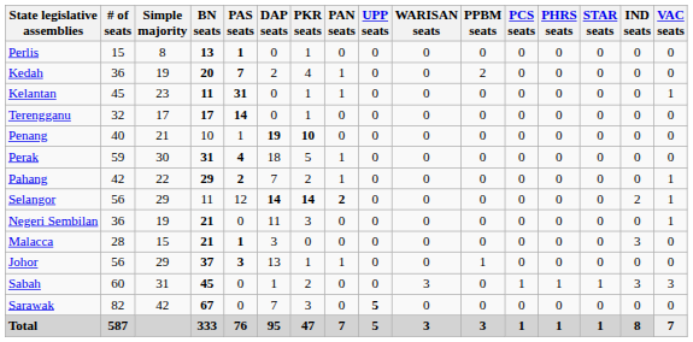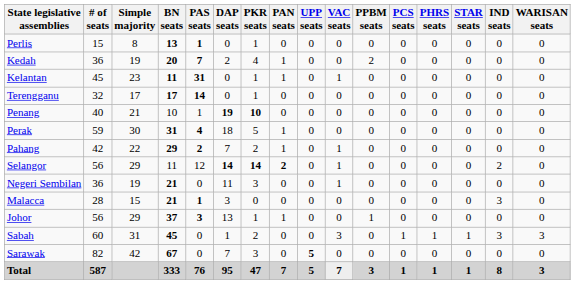 <table class="wikitable sortable" style="text-align:center">
 <tr>
 <th>State legislative<br>assemblies</th>
 <th># of<br>seats</th>
 <th>Simple<br>majority</th>
 <th>BN<br>seats</th>
 <th>PAS<br>seats</th>
 <th>DAP<br>seats</th>
 <th>PKR<br>seats</th>
 <th>PAN<br>seats</th>
 <th><a href='#'>UPP</a><br>seats</th>
-<th>WARISAN<br>seats</th>
+<th><a href='#'>VAC</a><br>seats</th>
 <th>PPBM<br>seats</th>
 <th><a href='#'>PCS</a><br>seats</th>
 <th><a href='#'>PHRS</a><br>seats</th>
 <th><a href='#'>STAR</a><br>seats</th>
 <th>IND<br>seats</th>
-<th><a href='#'>VAC</a><br>seats</th>
+<th>WARISAN<br>seats</th>
 </tr>
 <tr>
 <td style="text-align:left"> <a href='#'>Perlis</a></td>
 <td>15</td>
 <td>8</td>
 <td><strong>13</strong></td>
 <td><strong>1</strong></td>
 <td>0</td>
 <td>1</td>
 <td>0</td>
 <td>0</td>
 <td>0</td>
 <td>0</td>
 <td>0</td>
 <td>0</td>
 <td>0</td>
 <td>0</td>
 <td>0</td>
 </tr>
 <tr>
 <td style="text-align:left"> <a href='#'>Kedah</a></td>
 <td>36</td>
 <td>19</td>
 <td><strong>20</strong></td>
 <td><strong>7</strong></td>
 <td>2</td>
 <td>4</td>
 <td>1</td>
 <td>0</td>
 <td>0</td>
 <td>2</td>
 <td>0</td>
 <td>0</td>
 <td>0</td>
 <td>0</td>
 <td>0</td>
 </tr>
 <tr>
 <td style="text-align:left"> <a href='#'>Kelantan</a></td>
 <td>45</td>
 <td>23</td>
 <td><strong>11</strong></td>
 <td><strong>31</strong></td>
 <td>0</td>
 <td>1</td>
 <td>1</td>
 <td>0</td>
+<td>1</td>
 <td>0</td>
 <td>0</td>
 <td>0</td>
 <td>0</td>
 <td>0</td>
 <td>0</td>
-<td>1</td>
 </tr>
 <tr>
 <td style="text-align:left"> <a href='#'>Terengganu</a></td>
 <td>32</td>
 <td>17</td>
 <td><strong>17</strong></td>
 <td><strong>14</strong></td>
 <td>0</td>
 <td>1</td>
 <td>0</td>
 <td>0</td>
 <td>0</td>
 <td>0</td>
 <td>0</td>
 <td>0</td>
 <td>0</td>
 <td>0</td>
 <td>0</td>
 </tr>
 <tr>
 <td style="text-align:left"> <a href='#'>Penang</a></td>
 <td>40</td>
 <td>21</td>
 <td>10</td>
 <td>1</td>
 <td><strong>19</strong></td>
 <td><strong>10</strong></td>
 <td>0</td>
 <td>0</td>
 <td>0</td>
 <td>0</td>
 <td>0</td>
 <td>0</td>
 <td>0</td>
 <td>0</td>
 <td>0</td>
 </tr>
 <tr>
 <td style="text-align:left"> <a href='#'>Perak</a></td>
 <td>59</td>
 <td>30</td>
 <td><strong>31</strong></td>
 <td><strong>4</strong></td>
 <td>18</td>
 <td>5</td>
 <td>1</td>
 <td>0</td>
 <td>0</td>
 <td>0</td>
 <td>0</td>
 <td>0</td>
 <td>0</td>
 <td>0</td>
 <td>0</td>
 </tr>
 <tr>
 <td style="text-align:left"> <a href='#'>Pahang</a></td>
 <td>42</td>
 <td>22</td>
 <td><strong>29</strong></td>
 <td><strong>2</strong></td>
 <td>7</td>
 <td>2</td>
 <td>1</td>
 <td>0</td>
+<td>1</td>
 <td>0</td>
 <td>0</td>
 <td>0</td>
 <td>0</td>
 <td>0</td>
 <td>0</td>
-<td>1</td>
 </tr>
 <tr>
 <td style="text-align:left"> <a href='#'>Selangor</a></td>
 <td>56</td>
 <td>29</td>
 <td>11</td>
 <td>12</td>
 <td><strong>14</strong></td>
 <td><strong>14</strong></td>
 <td><strong>2</strong></td>
 <td>0</td>
-<td>0</td>
+<td>1</td>
 <td>0</td>
 <td>0</td>
 <td>0</td>
 <td>0</td>
 <td>2</td>
-<td>1</td>
+<td>0</td>
 </tr>
 <tr>
 <td style="text-align:left"> <a href='#'>Negeri Sembilan</a></td>
 <td>36</td>
 <td>19</td>
 <td><strong>21</strong></td>
 <td>0</td>
 <td>11</td>
 <td>3</td>
 <td>0</td>
 <td>0</td>
+<td>1</td>
 <td>0</td>
 <td>0</td>
 <td>0</td>
 <td>0</td>
 <td>0</td>
 <td>0</td>
-<td>1</td>
 </tr>
 <tr>
 <td style="text-align:left"> <a href='#'>Malacca</a></td>
 <td>28</td>
 <td>15</td>
 <td><strong>21</strong></td>
 <td><strong>1</strong></td>
 <td>3</td>
 <td>0</td>
 <td>0</td>
 <td>0</td>
 <td>0</td>
 <td>0</td>
 <td>0</td>
 <td>0</td>
 <td>0</td>
 <td>3</td>
 <td>0</td>
 </tr>
 <tr>
 <td style="text-align:left"> <a href='#'>Johor</a></td>
 <td>56</td>
 <td>29</td>
 <td><strong>37</strong></td>
 <td><strong>3</strong></td>
 <td>13</td>
 <td>1</td>
 <td>1</td>
 <td>0</td>
 <td>0</td>
 <td>1</td>
 <td>0</td>
 <td>0</td>
 <td>0</td>
 <td>0</td>
 <td>0</td>
 </tr>
 <tr>
 <td style="text-align:left"> <a href='#'>Sabah</a></td>
 <td>60</td>
 <td>31</td>
 <td><strong>45</strong></td>
 <td>0</td>
 <td>1</td>
 <td>2</td>
 <td>0</td>
 <td>0</td>
 <td>3</td>
 <td>0</td>
 <td>1</td>
 <td>1</td>
 <td>1</td>
 <td>3</td>
 <td>3</td>
 </tr>
 <tr>
 <td style="text-align:left"> <a href='#'>Sarawak</a></td>
 <td>82</td>
 <td>42</td>
 <td><strong>67</strong></td>
 <td>0</td>
 <td>7</td>
 <td>3</td>
 <td>0</td>
 <td><strong>5</strong></td>
 <td>0</td>
 <td>0</td>
 <td>0</td>
 <td>0</td>
 <td>0</td>
 <td>0</td>
 <td>0</td>
 </tr>
 <tr class="sortbottom" style="background:lightgrey;">
 <td style="text-align:left"><strong>Total</strong></td>
 <td><strong>587</strong></td>
 <td></td>
 <td><span><strong>333</strong></span></td>
 <td><span><strong>76</strong></span></td>
 <td><span><strong>95</strong></span></td>
 <td><span><strong>47</strong></span></td>
 <td><span><strong>7</strong></span></td>
 <td><span><strong>5</strong></span></td>
-<td><span><strong>3</strong></span></td>
+<td style="background-color:#EEEEEE;"><span><strong>7</strong></span></td>
 <td><span><strong>3</strong></span></td>
 <td><span><strong>1</strong></span></td>
 <td><span><strong>1</strong></span></td>
 <td><span><strong>1</strong></span></td>
 <td><span><strong>8</strong></span></td>
-<td style="background-color:#EEEEEE;"><span><strong>7</strong></span></td>
+<td><span><strong>3</strong></span></td>
 </tr>
 </table>
